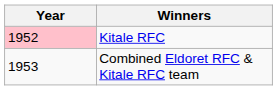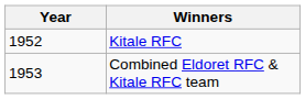 <table style="width: 300; float: right" | class="wikitable sortable collapsible collapsed">
 <tr style="text-align:center;">
 <th scope="col" style="width:100px;">Year</th>
 <th scope="col" style="width:200px;">Winners</th>
 </tr>
 <tr>
-<td style="background: pink;">1952</td>
+<td>1952</td>
 <td><a href='#'>Kitale RFC</a></td>
 </tr>
 <tr>
 <td>1953</td>
 <td>Combined <a href='#'>Eldoret RFC</a> & <a href='#'>Kitale RFC</a> team</td>
 </tr>
 </table>
